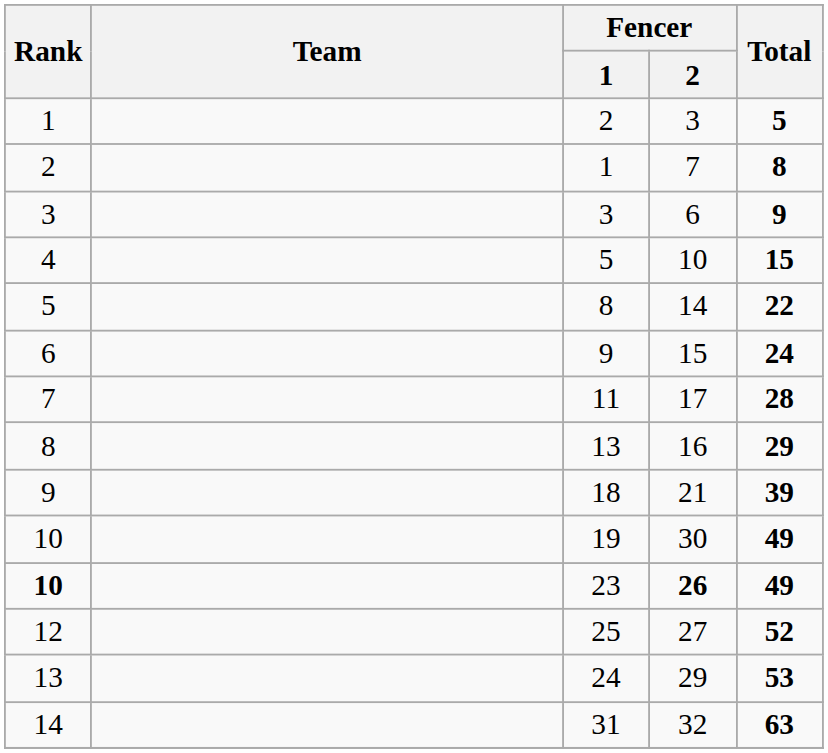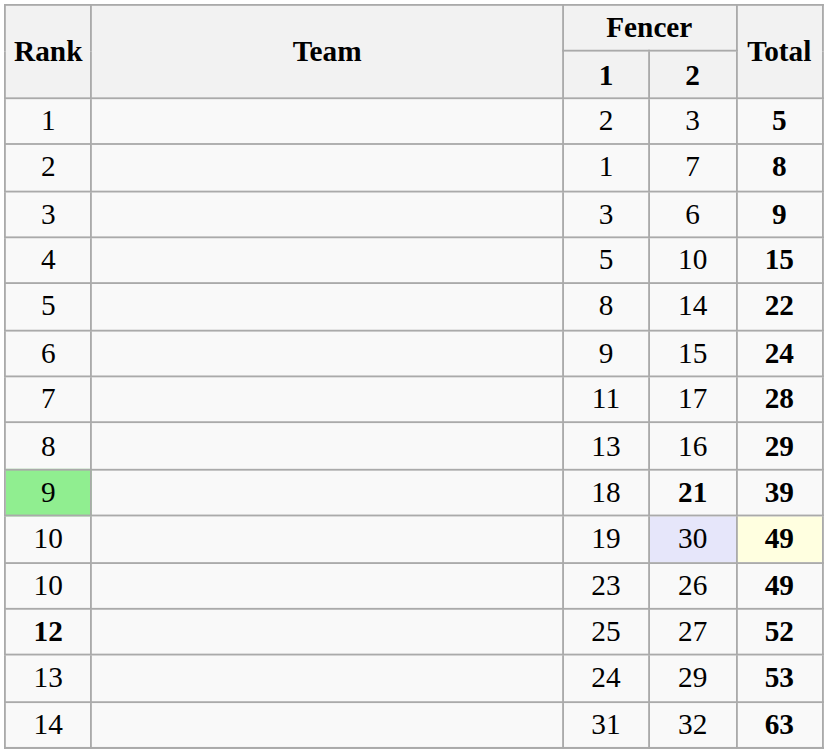 <table class=wikitable style="text-align:center">
 <tr>
 <th rowspan=2 width=40>Rank</th>
 <th rowspan=2 width=250>Team</th>
 <th colspan=2>Fencer</th>
 <th rowspan=2 width=40>Total</th>
 </tr>
 <tr>
 <th width=40>1</th>
 <th width=40>2</th>
 </tr>
 <tr>
 <td>1</td>
 <td align=left></td>
 <td>2</td>
 <td>3</td>
 <td><strong>5</strong></td>
 </tr>
 <tr>
 <td>2</td>
 <td align=left></td>
 <td>1</td>
 <td>7</td>
 <td><strong>8</strong></td>
 </tr>
 <tr>
 <td>3</td>
 <td align=left></td>
 <td>3</td>
 <td>6</td>
 <td><strong>9</strong></td>
 </tr>
 <tr>
 <td>4</td>
 <td align=left></td>
 <td>5</td>
 <td>10</td>
 <td><strong>15</strong></td>
 </tr>
 <tr>
 <td>5</td>
 <td align=left></td>
 <td>8</td>
 <td>14</td>
 <td><strong>22</strong></td>
 </tr>
 <tr>
 <td>6</td>
 <td align=left></td>
 <td>9</td>
 <td>15</td>
 <td><strong>24</strong></td>
 </tr>
 <tr>
 <td>7</td>
 <td align=left></td>
 <td>11</td>
 <td>17</td>
 <td><strong>28</strong></td>
 </tr>
 <tr>
 <td>8</td>
 <td align=left></td>
 <td>13</td>
 <td>16</td>
 <td><strong>29</strong></td>
 </tr>
 <tr>
-<td>9</td>
+<td style="background: lightgreen;">9</td>
 <td align=left></td>
 <td>18</td>
-<td>21</td>
+<td><strong>21</strong></td>
 <td><strong>39</strong></td>
 </tr>
 <tr>
 <td>10</td>
 <td align=left></td>
 <td>19</td>
-<td>30</td>
+<td style="background: lavender;">30</td>
+<td style="background: lightyellow;"><strong>49</strong></td>
+</tr>
+<tr>
+<td>10</td>
+<td align=left></td>
+<td>23</td>
+<td>26</td>
 <td><strong>49</strong></td>
 </tr>
 <tr>
-<td><strong>10</strong></td>
-<td align=left></td>
-<td>23</td>
-<td><strong>26</strong></td>
-<td><strong>49</strong></td>
-</tr>
-<tr>
-<td>12</td>
+<td><strong>12</strong></td>
 <td align=left></td>
 <td>25</td>
 <td>27</td>
 <td><strong>52</strong></td>
 </tr>
 <tr>
 <td>13</td>
 <td align=left></td>
 <td>24</td>
 <td>29</td>
 <td><strong>53</strong></td>
 </tr>
 <tr>
 <td>14</td>
 <td align=left></td>
 <td>31</td>
 <td>32</td>
 <td><strong>63</strong></td>
 </tr>
 <tr>
 </tr>
 </table>
